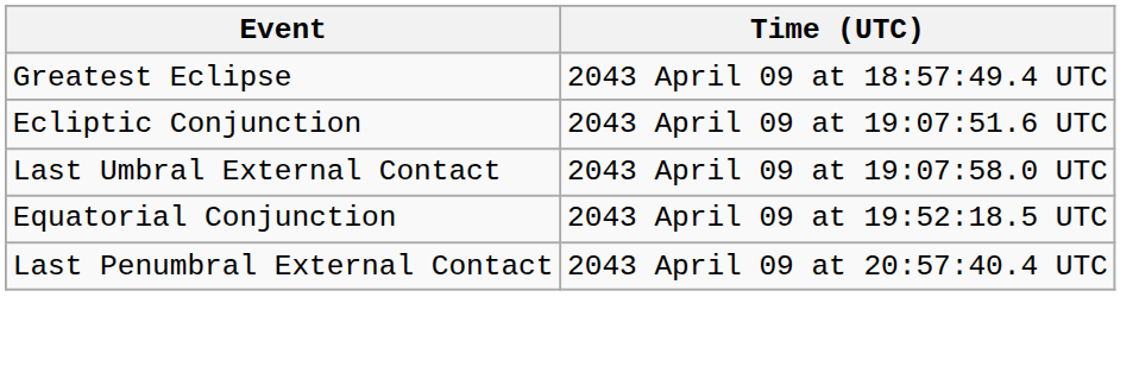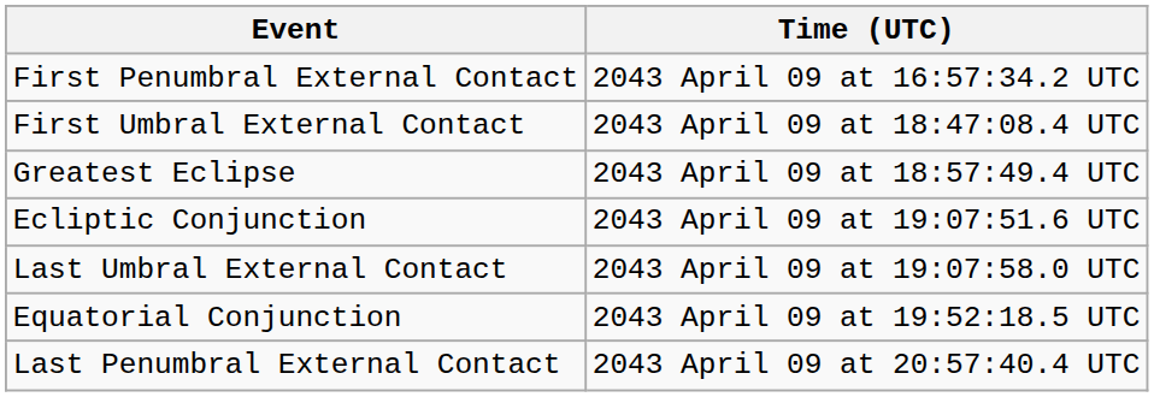 <table class="wikitable">
 <tr>
 <th>Event</th>
 <th>Time (UTC)</th>
+</tr>
+<tr>
+<td>First Penumbral External Contact</td>
+<td>2043 April 09 at 16:57:34.2 UTC</td>
+</tr>
+<tr>
+<td>First Umbral External Contact</td>
+<td>2043 April 09 at 18:47:08.4 UTC</td>
 </tr>
 <tr>
 <td>Greatest Eclipse</td>
 <td>2043 April 09 at 18:57:49.4 UTC</td>
 </tr>
 <tr>
 <td>Ecliptic Conjunction</td>
 <td>2043 April 09 at 19:07:51.6 UTC</td>
 </tr>
 <tr>
 <td>Last Umbral External Contact</td>
 <td>2043 April 09 at 19:07:58.0 UTC</td>
 </tr>
 <tr>
 <td>Equatorial Conjunction</td>
 <td>2043 April 09 at 19:52:18.5 UTC</td>
 </tr>
 <tr>
 <td>Last Penumbral External Contact</td>
 <td>2043 April 09 at 20:57:40.4 UTC</td>
 </tr>
 </table>
